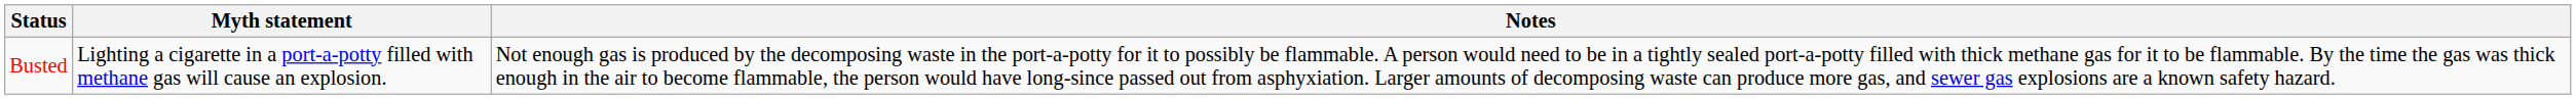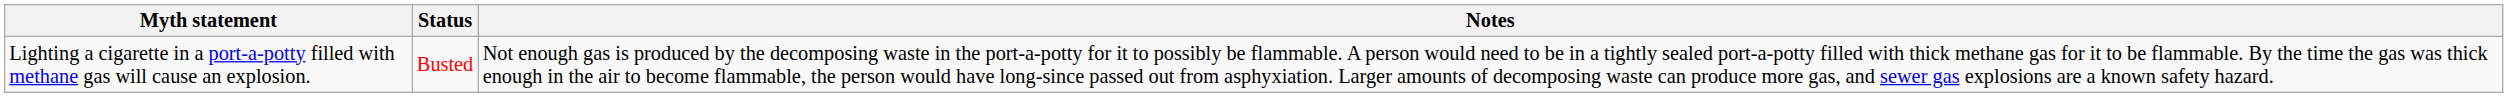 <table class="wikitable plainrowheaders">
 <tr>
+<th>Myth statement</th>
 <th>Status</th>
-<th>Myth statement</th>
 <th>Notes</th>
 </tr>
 <tr>
+<td>Lighting a cigarette in a <a href='#'>port-a-potty</a> filled with <a href='#'>methane</a> gas will cause an explosion.</td>
 <td style="color:red">Busted</td>
-<td>Lighting a cigarette in a <a href='#'>port-a-potty</a> filled with <a href='#'>methane</a> gas will cause an explosion.</td>
 <td>Not enough gas is produced by the decomposing waste in the port-a-potty for it to possibly be flammable. A person would need to be in a tightly sealed port-a-potty filled with thick methane gas for it to be flammable. By the time the gas was thick enough in the air to become flammable, the person would have long-since passed out from asphyxiation. Larger amounts of decomposing waste can produce more gas, and <a href='#'>sewer gas</a> explosions are a known safety hazard.</td>
 </tr>
 </table>
